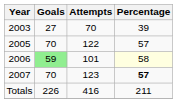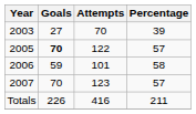 <table class="wikitable" style="text-align:center">
 <tr>
 <th bgcolor="#e5e5e5">Year</th>
 <th bgcolor="#e5e5e5">Goals</th>
 <th bgcolor="#e5e5e5">Attempts</th>
 <th bgcolor="#e5e5e5">Percentage</th>
 </tr>
 <tr>
 <td>2003</td>
 <td>27</td>
 <td>70</td>
 <td>39</td>
 </tr>
 <tr>
 <td>2005</td>
-<td>70</td>
+<td><strong>70</strong></td>
 <td>122</td>
 <td>57</td>
 </tr>
 <tr>
 <td>2006</td>
-<td style="background: lightgreen;">59</td>
+<td>59</td>
 <td>101</td>
-<td style="background: lightyellow;">58</td>
+<td>58</td>
 </tr>
 <tr>
 <td>2007</td>
 <td>70</td>
 <td>123</td>
-<td><strong>57</strong></td>
+<td>57</td>
 </tr>
 <tr>
 <td>Totals</td>
 <td>226</td>
 <td>416</td>
 <td>211</td>
 </tr>
 <tr>
 </tr>
 </table>
